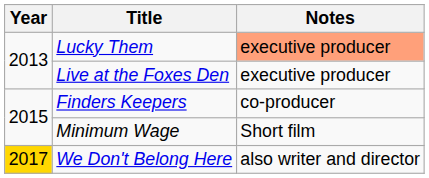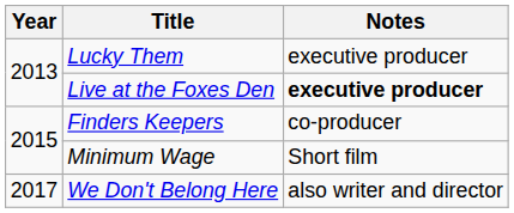 <table class="wikitable">
 <tr>
 <th>Year</th>
 <th>Title</th>
 <th>Notes</th>
 </tr>
 <tr>
 <td rowspan="2">2013</td>
 <td><em><a href='#'>Lucky Them</a></em></td>
-<td style="background: lightsalmon;">executive producer</td>
+<td>executive producer</td>
 </tr>
 <tr>
 <td><em><a href='#'>Live at the Foxes Den</a></em></td>
-<td>executive producer</td>
+<td><strong>executive producer</strong></td>
 </tr>
 <tr>
 <td rowspan="2">2015</td>
 <td><em><a href='#'>Finders Keepers</a></em></td>
 <td>co-producer</td>
 </tr>
 <tr>
 <td><em>Minimum Wage</em></td>
 <td>Short film</td>
 </tr>
 <tr>
-<td style="background: gold;">2017</td>
+<td>2017</td>
 <td><em><a href='#'>We Don't Belong Here</a></em></td>
 <td>also writer and director</td>
 </tr>
 </table>
